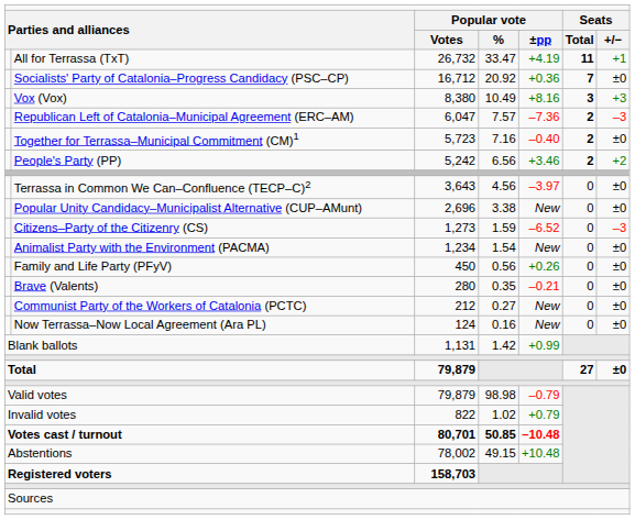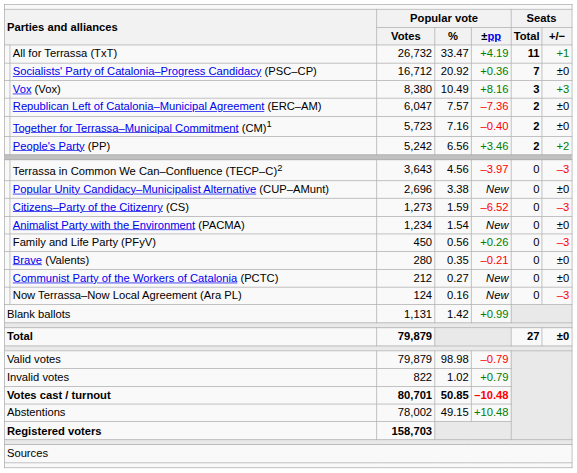 <table class="wikitable" style="text-align:right;">
 <tr>
 <td colspan="7"></td>
 </tr>
 <tr>
 <th style="text-align:left;" rowspan="2" colspan="2" width="525">Parties and alliances</th>
 <th colspan="3">Popular vote</th>
 <th colspan="2">Seats</th>
 </tr>
 <tr>
 <th width="75">Votes</th>
 <th width="45">%</th>
 <th width="45">±<a href='#'>pp</a></th>
 <th width="35">Total</th>
 <th width="35">+/−</th>
 </tr>
 <tr>
 <td width="1" style="color:inherit;background:"></td>
 <td align="left">All for Terrassa (TxT)</td>
 <td>26,732</td>
 <td>33.47</td>
 <td style="color:green;">+4.19</td>
 <td><strong>11</strong></td>
 <td style="color:green;">+1</td>
 </tr>
 <tr>
 <td style="color:inherit;background:"></td>
 <td align="left"><a href='#'>Socialists' Party of Catalonia–Progress Candidacy</a> (PSC–CP)</td>
 <td>16,712</td>
 <td>20.92</td>
 <td style="color:green;">+0.36</td>
 <td><strong>7</strong></td>
 <td>±0</td>
 </tr>
 <tr>
 <td style="color:inherit;background:"></td>
 <td align="left"><a href='#'>Vox</a> (Vox)</td>
 <td>8,380</td>
 <td>10.49</td>
 <td style="color:green;">+8.16</td>
 <td><strong>3</strong></td>
 <td style="color:green;">+3</td>
 </tr>
 <tr>
 <td style="color:inherit;background:"></td>
 <td align="left"><a href='#'>Republican Left of Catalonia–Municipal Agreement</a> (ERC–AM)</td>
 <td>6,047</td>
 <td>7.57</td>
 <td style="color:red;">–7.36</td>
 <td><strong>2</strong></td>
-<td style="color:red;">–3</td>
+<td>±0</td>
 </tr>
 <tr>
 <td style="color:inherit;background:"></td>
 <td align="left"><a href='#'>Together for Terrassa–Municipal Commitment</a> (CM)<sup>1</sup></td>
 <td>5,723</td>
 <td>7.16</td>
 <td style="color:red;">–0.40</td>
 <td><strong>2</strong></td>
 <td>±0</td>
 </tr>
 <tr>
 <td style="color:inherit;background:"></td>
 <td align="left"><a href='#'>People's Party</a> (PP)</td>
 <td>5,242</td>
 <td>6.56</td>
 <td style="color:green;">+3.46</td>
 <td><strong>2</strong></td>
 <td style="color:green;">+2</td>
 </tr>
 <tr>
 <td colspan="7" bgcolor="#C0C0C0"></td>
 </tr>
 <tr>
 <td style="color:inherit;background:"></td>
 <td align="left">Terrassa in Common We Can–Confluence (TECP–C)<sup>2</sup></td>
 <td>3,643</td>
 <td>4.56</td>
 <td style="color:red;">–3.97</td>
 <td>0</td>
-<td>±0</td>
+<td style="color:red;">–3</td>
 </tr>
 <tr>
 <td style="color:inherit;background:"></td>
 <td align="left"><a href='#'>Popular Unity Candidacy–Municipalist Alternative</a> (CUP–AMunt)</td>
 <td>2,696</td>
 <td>3.38</td>
 <td><em>New</em></td>
 <td>0</td>
 <td>±0</td>
 </tr>
 <tr>
 <td style="color:inherit;background:"></td>
 <td align="left"><a href='#'>Citizens–Party of the Citizenry</a> (CS)</td>
 <td>1,273</td>
 <td>1.59</td>
 <td style="color:red;">–6.52</td>
 <td>0</td>
 <td style="color:red;">–3</td>
 </tr>
 <tr>
 <td style="color:inherit;background:"></td>
 <td align="left"><a href='#'>Animalist Party with the Environment</a> (PACMA)</td>
 <td>1,234</td>
 <td>1.54</td>
 <td><em>New</em></td>
 <td>0</td>
 <td>±0</td>
 </tr>
 <tr>
 <td style="color:inherit;background:"></td>
 <td align="left">Family and Life Party (PFyV)</td>
 <td>450</td>
 <td>0.56</td>
 <td style="color:green;">+0.26</td>
 <td>0</td>
-<td>±0</td>
+<td style="color:red;">–3</td>
 </tr>
 <tr>
 <td style="color:inherit;background:"></td>
 <td align="left"><a href='#'>Brave</a> (Valents)</td>
 <td>280</td>
 <td>0.35</td>
 <td style="color:red;">–0.21</td>
 <td>0</td>
 <td>±0</td>
 </tr>
 <tr>
 <td style="color:inherit;background:"></td>
 <td align="left"><a href='#'>Communist Party of the Workers of Catalonia</a> (PCTC)</td>
 <td>212</td>
 <td>0.27</td>
 <td><em>New</em></td>
 <td>0</td>
 <td>±0</td>
 </tr>
 <tr>
 <td style="color:inherit;background:"></td>
 <td align="left">Now Terrassa–Now Local Agreement (Ara PL)</td>
 <td>124</td>
 <td>0.16</td>
 <td><em>New</em></td>
 <td>0</td>
-<td>±0</td>
+<td style="color:red;">–3</td>
 </tr>
 <tr>
 <td align="left" colspan="2">Blank ballots</td>
 <td>1,131</td>
 <td>1.42</td>
 <td style="color:green;">+0.99</td>
 <td bgcolor="#E9E9E9" colspan="2"></td>
 </tr>
 <tr>
 <td colspan="7" bgcolor="#E9E9E9"></td>
 </tr>
 <tr style="font-weight:bold;">
 <td align="left" colspan="2">Total</td>
 <td>79,879</td>
 <td bgcolor="#E9E9E9" colspan="2"></td>
 <td>27</td>
 <td>±0</td>
 </tr>
 <tr>
 <td colspan="7" bgcolor="#E9E9E9"></td>
 </tr>
 <tr>
 <td align="left" colspan="2">Valid votes</td>
 <td>79,879</td>
 <td>98.98</td>
 <td style="color:red;">–0.79</td>
 <td bgcolor="#E9E9E9" colspan="2" rowspan="5"></td>
 </tr>
 <tr>
 <td align="left" colspan="2">Invalid votes</td>
 <td>822</td>
 <td>1.02</td>
 <td style="color:green;">+0.79</td>
 </tr>
 <tr style="font-weight:bold;">
 <td align="left" colspan="2">Votes cast / turnout</td>
 <td>80,701</td>
 <td>50.85</td>
 <td style="color:red;">–10.48</td>
 </tr>
 <tr>
 <td align="left" colspan="2">Abstentions</td>
 <td>78,002</td>
 <td>49.15</td>
 <td style="color:green;">+10.48</td>
 </tr>
 <tr style="font-weight:bold;">
 <td align="left" colspan="2">Registered voters</td>
 <td>158,703</td>
 <td bgcolor="#E9E9E9" colspan="2"></td>
 </tr>
 <tr>
 <td colspan="7" bgcolor="#E9E9E9"></td>
 </tr>
 <tr>
 <td align="left" colspan="7">Sources</td>
 </tr>
 <tr>
 <td colspan="7" style="text-align:left; max-width:790px;"></td>
 </tr>
 </table>
